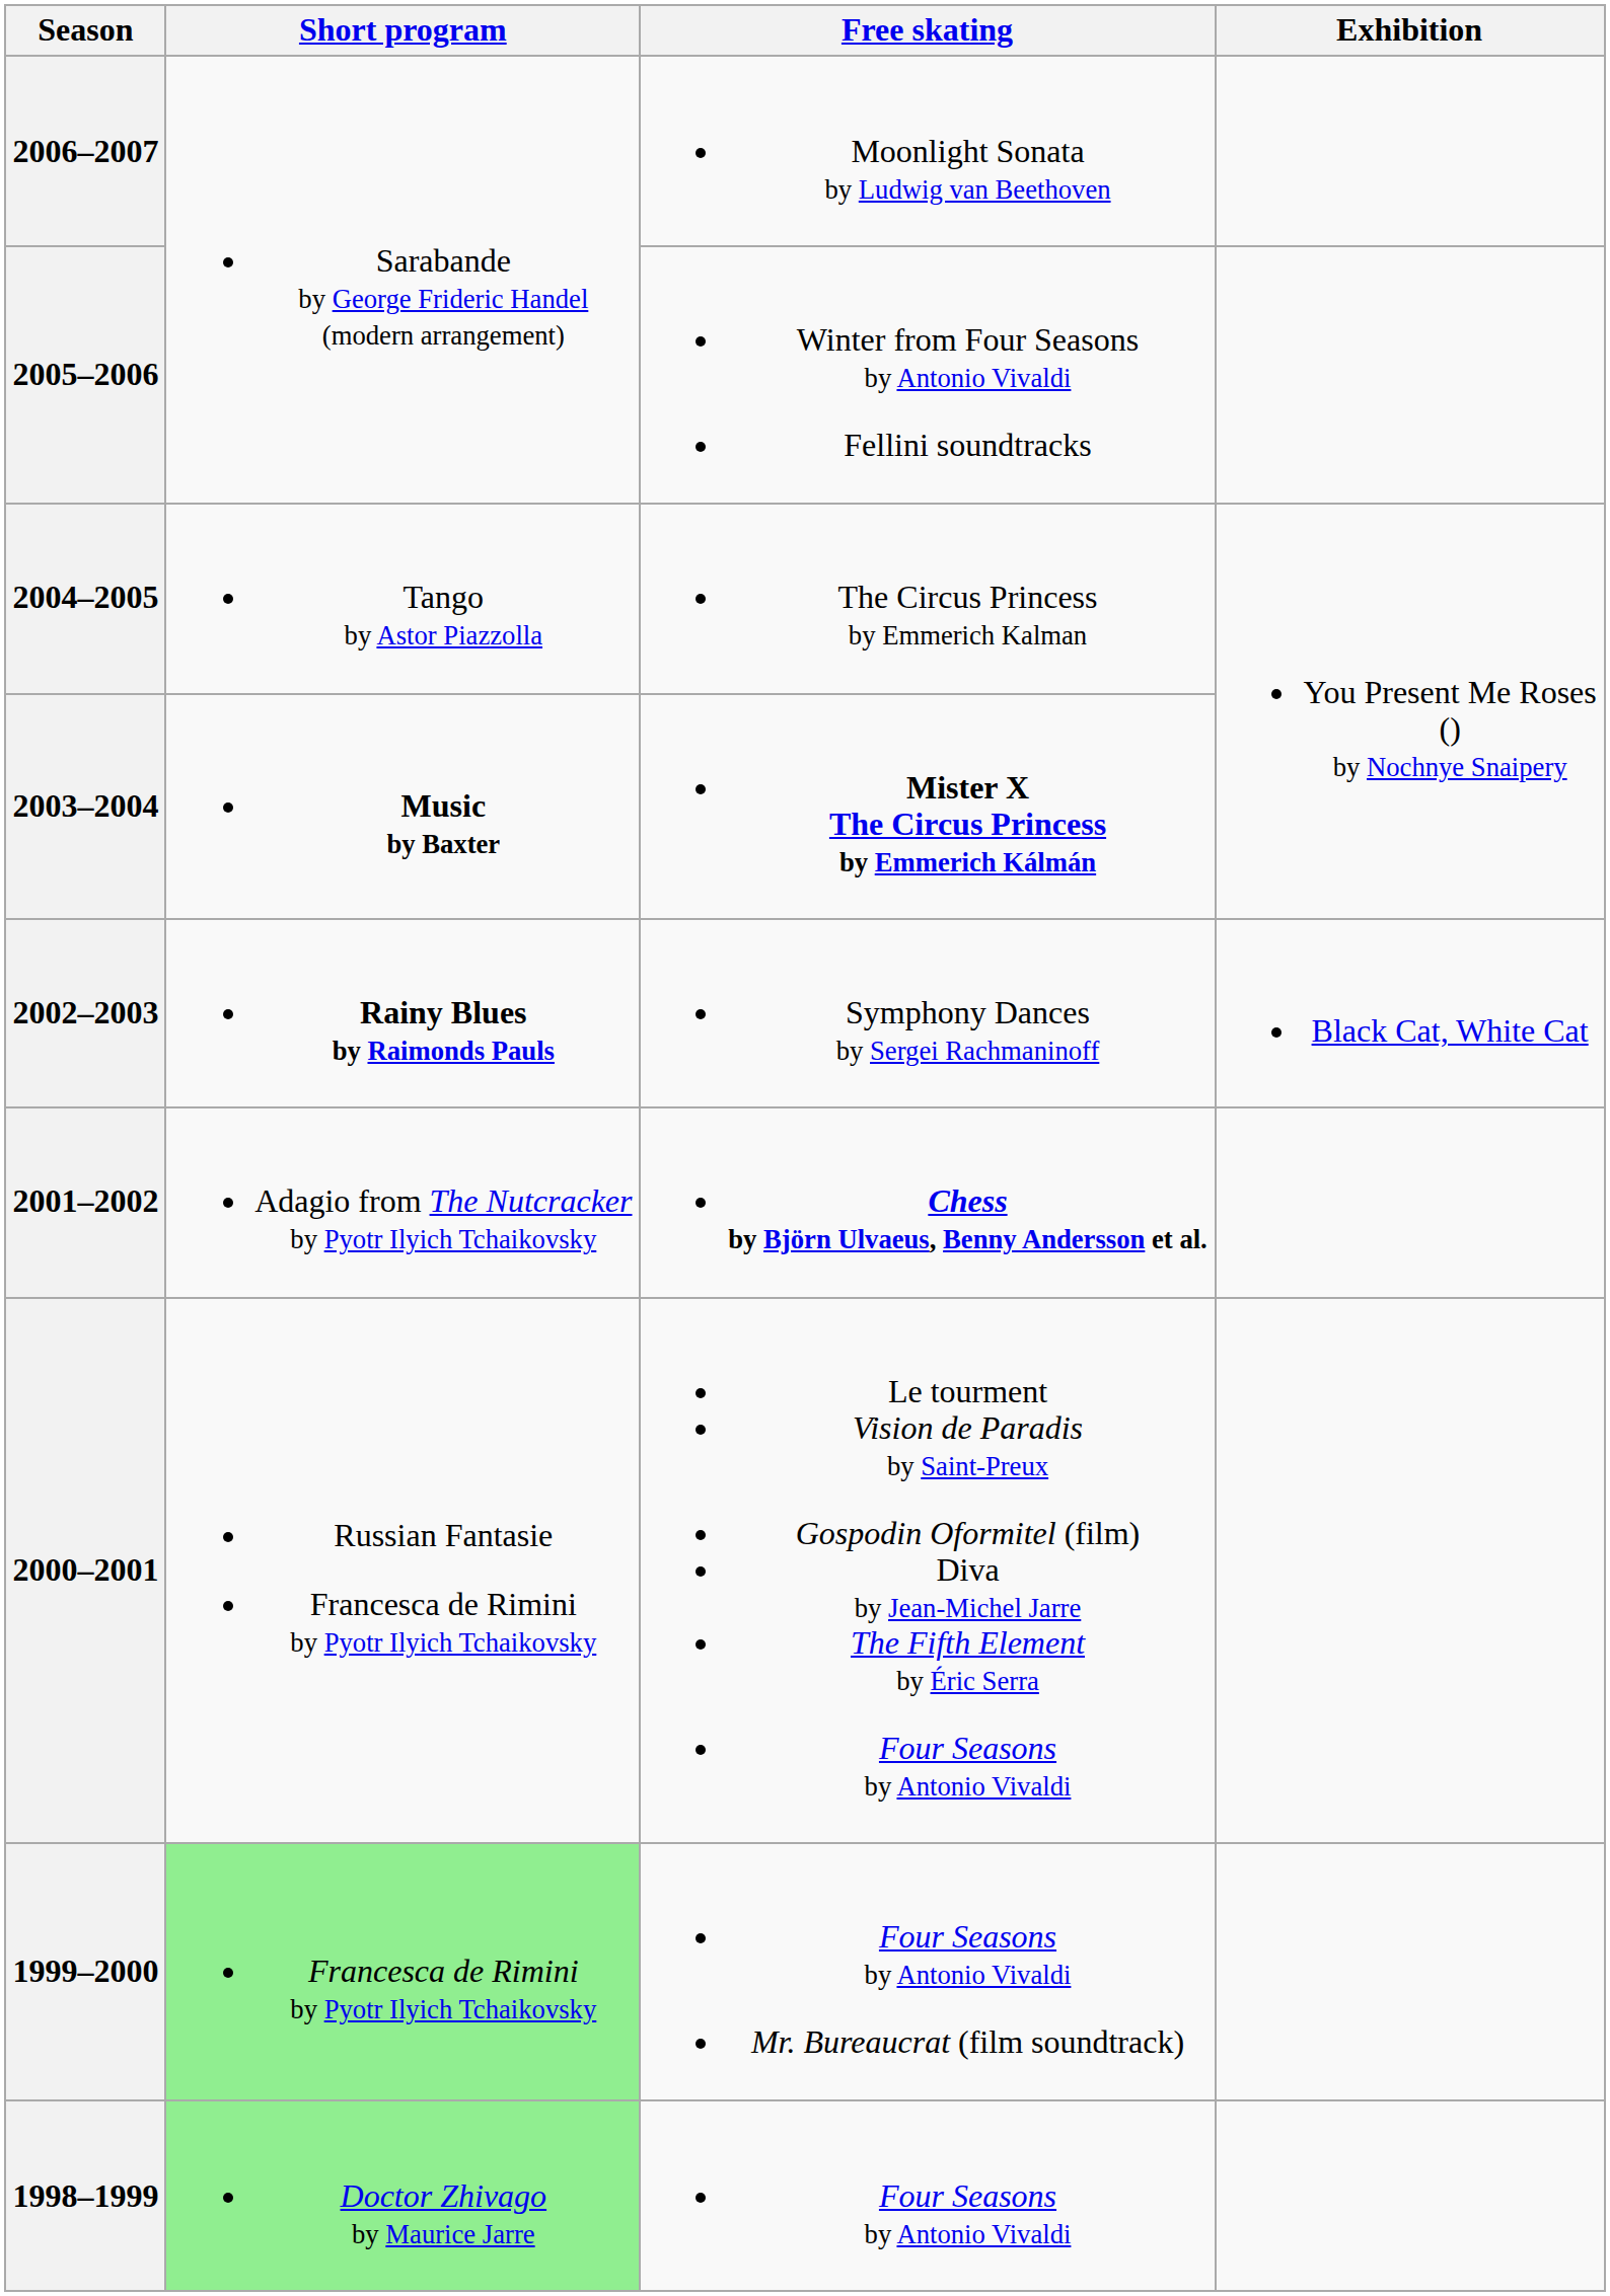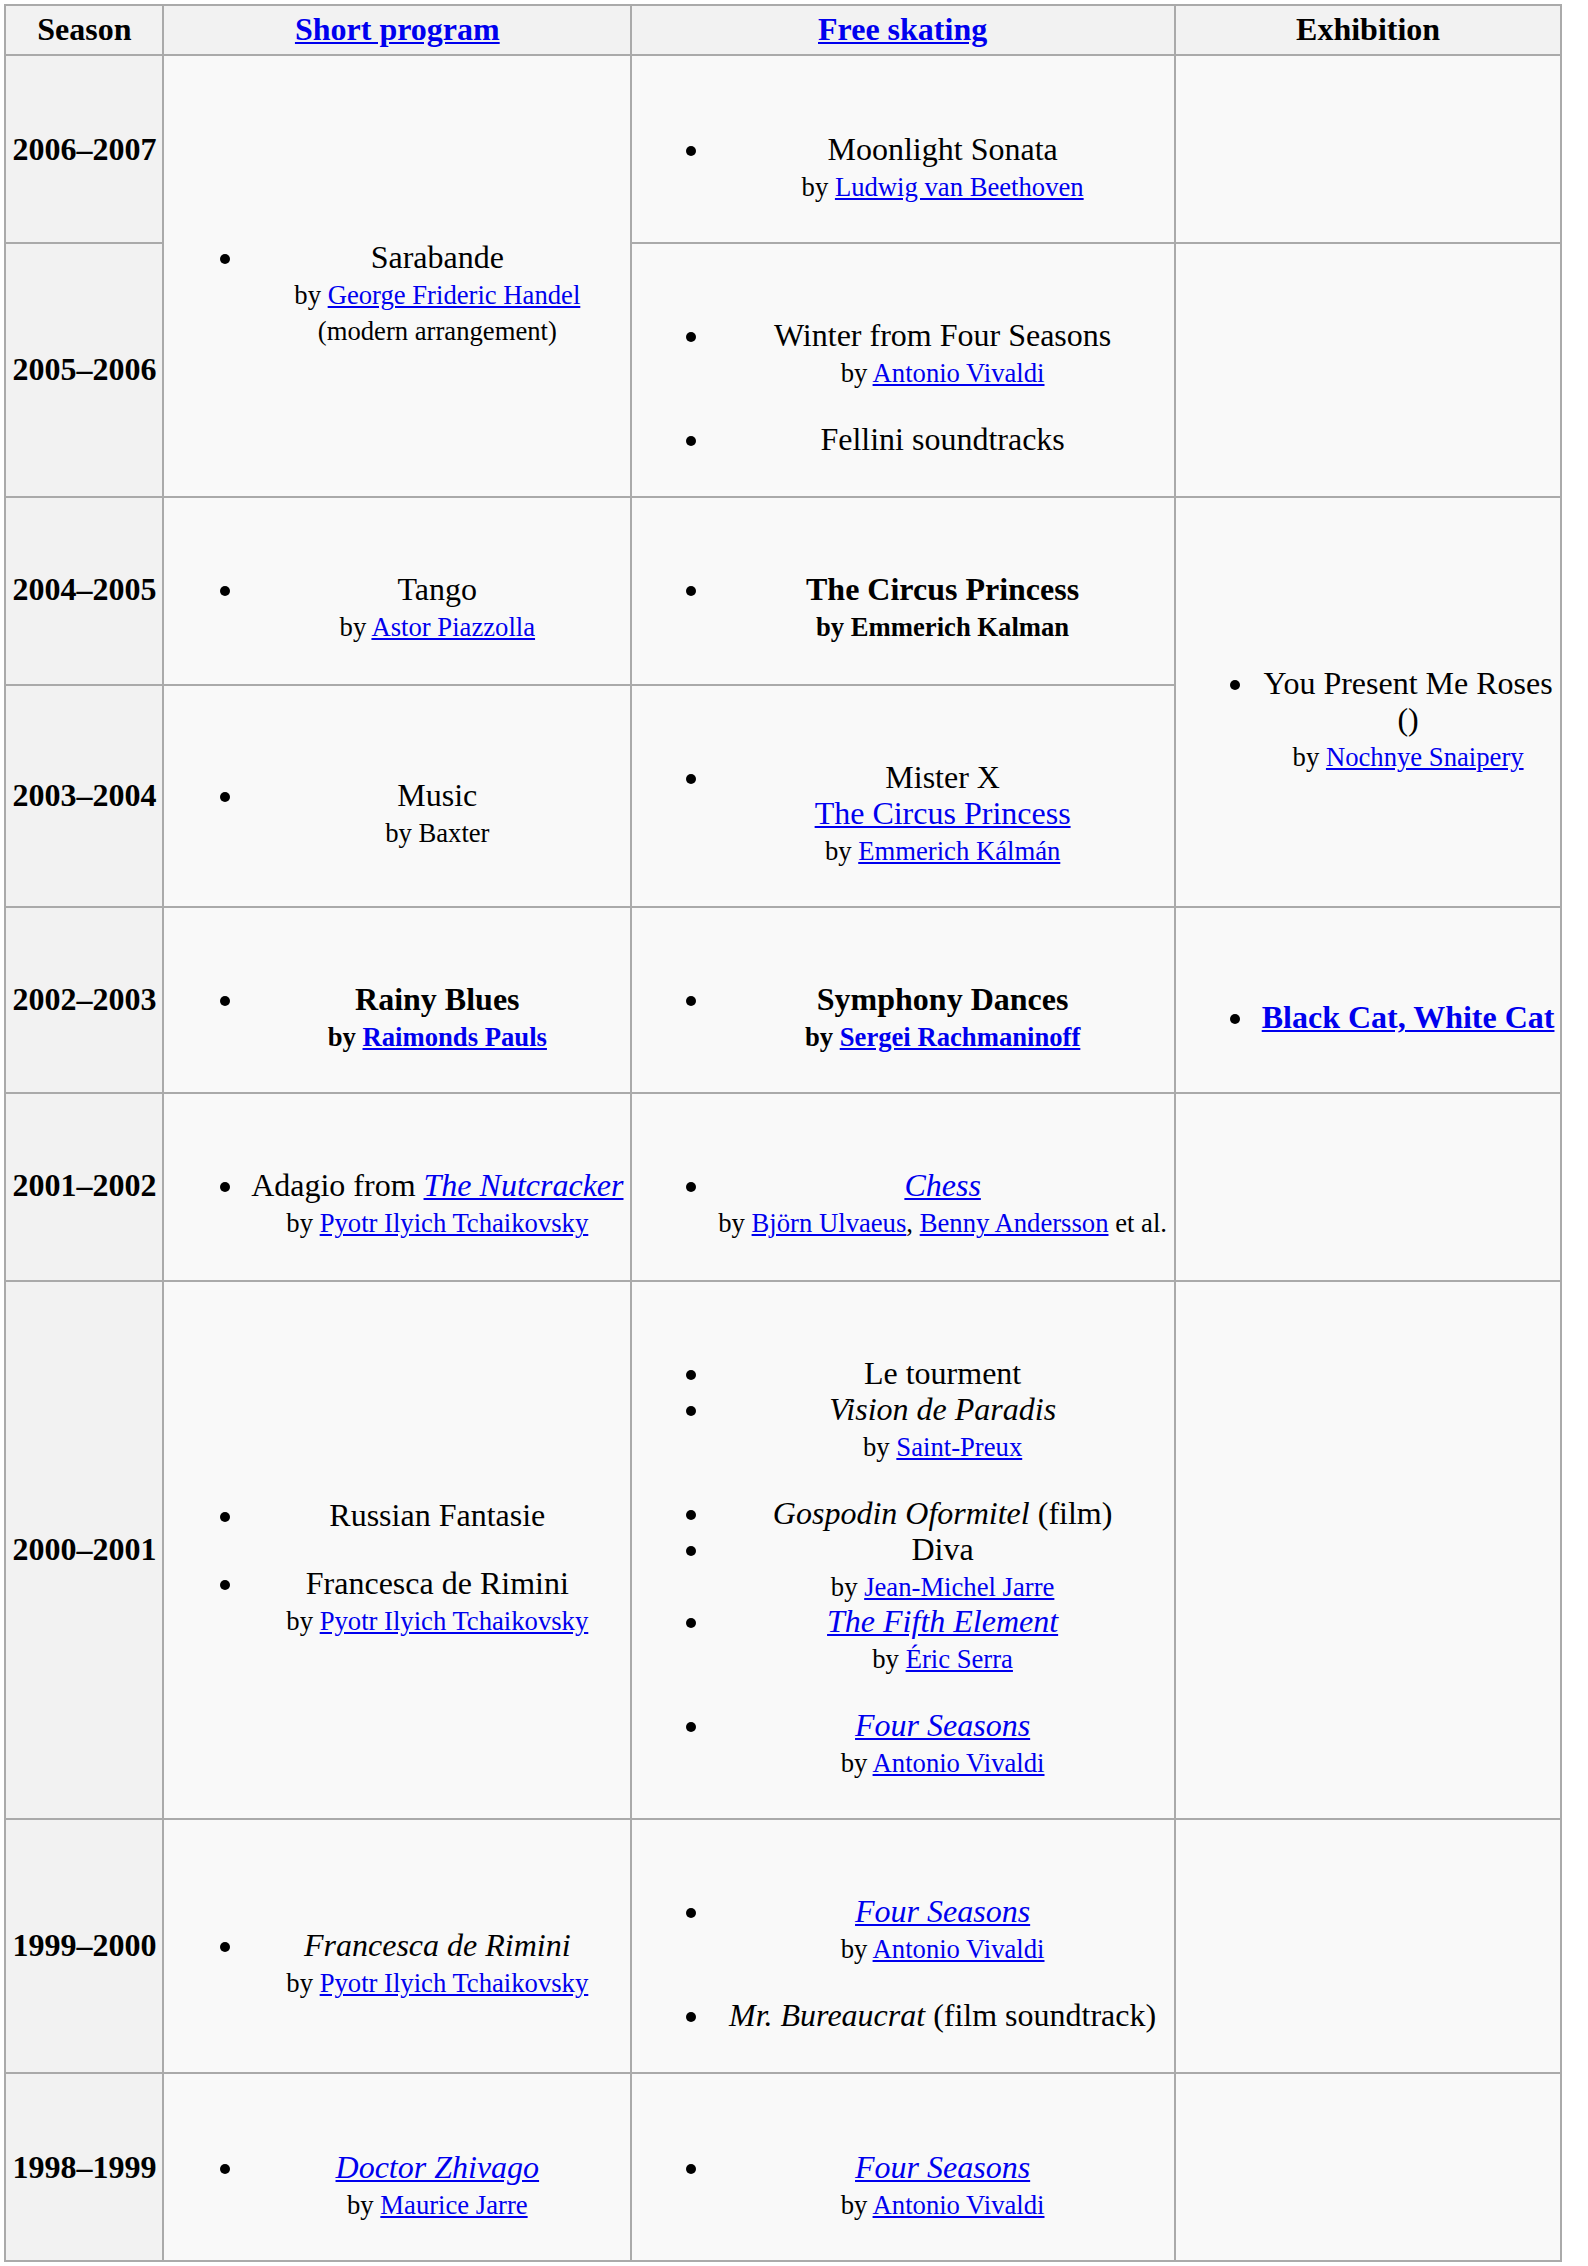 <table class="wikitable" style="text-align:center">
 <tr>
 <th>Season</th>
 <th><a href='#'>Short program</a></th>
 <th><a href='#'>Free skating</a></th>
 <th>Exhibition</th>
 </tr>
 <tr>
 <th>2006–2007 <br> </th>
 <td rowspan=2><br><ul><li>Sarabande <br><small> by <a href='#'>George Frideric Handel</a> <br> (modern arrangement) </small></li></ul></td>
 <td><br><ul><li>Moonlight Sonata <br><small> by <a href='#'>Ludwig van Beethoven</a> </small></li></ul></td>
 <td></td>
 </tr>
 <tr>
 <th>2005–2006 <br> </th>
 <td><br><ul><li>Winter from Four Seasons <br><small> by <a href='#'>Antonio Vivaldi</a> </small></li></ul><ul><li>Fellini soundtracks</li></ul></td>
 <td></td>
 </tr>
 <tr>
 <th>2004–2005 <br> </th>
 <td><br><ul><li>Tango <br><small> by <a href='#'>Astor Piazzolla</a> </small></li></ul></td>
-<td><br><ul><li>The Circus Princess <br><small> by Emmerich Kalman </small></li></ul></td>
+<td><strong><br><ul><li>The Circus Princess <br><small> by Emmerich Kalman </small></li></ul></strong></td>
 <td rowspan=2><br><ul><li>You Present Me Roses <br>() <br><small> by <a href='#'>Nochnye Snaipery</a> </small></li></ul></td>
 </tr>
 <tr>
 <th>2003–2004 <br> </th>
-<td><strong><br><ul><li>Music <br> <small> by Baxter </small></li></ul></strong></td>
-<td><strong><br><ul><li>Mister X <br><a href='#'>The Circus Princess</a> <br><small> by <a href='#'>Emmerich Kálmán</a> </small></li></ul></strong></td>
+<td><br><ul><li>Music <br> <small> by Baxter </small></li></ul></td>
+<td><br><ul><li>Mister X <br><a href='#'>The Circus Princess</a> <br><small> by <a href='#'>Emmerich Kálmán</a> </small></li></ul></td>
 </tr>
 <tr>
 <th>2002–2003 <br> </th>
 <td><strong><br><ul><li>Rainy Blues <br><small> by <a href='#'>Raimonds Pauls</a> </small></li></ul></strong></td>
-<td><br><ul><li>Symphony Dances <br><small> by <a href='#'>Sergei Rachmaninoff</a></small></li></ul></td>
-<td><br><ul><li><a href='#'>Black Cat, White Cat</a></li></ul></td>
+<td><strong><br><ul><li>Symphony Dances <br><small> by <a href='#'>Sergei Rachmaninoff</a></small></li></ul></strong></td>
+<td><strong><br><ul><li><a href='#'>Black Cat, White Cat</a></li></ul></strong></td>
 </tr>
 <tr>
 <th>2001–2002 <br> </th>
 <td><br><ul><li>Adagio from <em><a href='#'>The Nutcracker</a></em> <br><small> by <a href='#'>Pyotr Ilyich Tchaikovsky</a> </small></li></ul></td>
-<td><strong><br><ul><li><em><a href='#'>Chess</a></em> <br><small> by <a href='#'>Björn Ulvaeus</a>, <a href='#'>Benny Andersson</a> et al.</small></li></ul></strong></td>
+<td><br><ul><li><em><a href='#'>Chess</a></em> <br><small> by <a href='#'>Björn Ulvaeus</a>, <a href='#'>Benny Andersson</a> et al.</small></li></ul></td>
 <td></td>
 </tr>
 <tr>
 <th>2000–2001 <br> </th>
 <td><br><ul><li>Russian Fantasie</li></ul><ul><li>Francesca de Rimini  <br><small> by <a href='#'>Pyotr Ilyich Tchaikovsky</a> </small></li></ul></td>
 <td><br><ul><li>Le tourment</li><li><em>Vision de Paradis</em> <br><small> by <a href='#'>Saint-Preux</a> </small></li></ul><ul><li><em>Gospodin Oformitel</em> (film)</li><li>Diva <br><small> by <a href='#'>Jean-Michel Jarre</a> </small></li><li><em><a href='#'>The Fifth Element</a></em> <br><small> by <a href='#'>Éric Serra</a></small></li></ul><ul><li><em><a href='#'>Four Seasons</a></em> <br><small> by <a href='#'>Antonio Vivaldi</a> </small></li></ul></td>
 <td></td>
 </tr>
 <tr>
 <th>1999–2000 <br> </th>
-<td style="background: lightgreen;"><br><ul><li><em>Francesca de Rimini</em>  <br><small> by <a href='#'>Pyotr Ilyich Tchaikovsky</a> </small></li></ul></td>
+<td><br><ul><li><em>Francesca de Rimini</em>  <br><small> by <a href='#'>Pyotr Ilyich Tchaikovsky</a> </small></li></ul></td>
 <td><br><ul><li><em><a href='#'>Four Seasons</a></em> <br><small> by <a href='#'>Antonio Vivaldi</a> </small></li></ul><ul><li><em>Mr. Bureaucrat</em> (film soundtrack)</li></ul></td>
 <td></td>
 </tr>
 <tr>
 <th>1998–1999 <br> </th>
-<td style="background: lightgreen;"><br><ul><li><em><a href='#'>Doctor Zhivago</a></em> <br><small> by <a href='#'>Maurice Jarre</a> </small></li></ul></td>
+<td><br><ul><li><em><a href='#'>Doctor Zhivago</a></em> <br><small> by <a href='#'>Maurice Jarre</a> </small></li></ul></td>
 <td><br><ul><li><em><a href='#'>Four Seasons</a></em> <br><small> by <a href='#'>Antonio Vivaldi</a> </small></li></ul></td>
 <td></td>
 </tr>
 </table>
